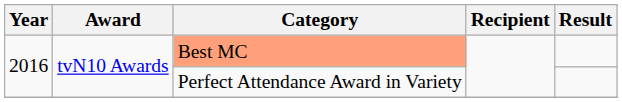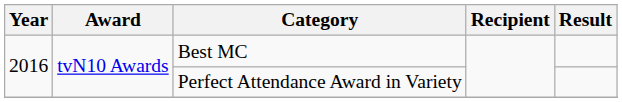 <table class=wikitable>
 <tr>
 <th>Year</th>
 <th>Award</th>
 <th>Category</th>
 <th>Recipient</th>
 <th>Result</th>
 </tr>
 <tr>
 <td rowspan=2 style="text-align:center;">2016</td>
 <td rowspan=2><a href='#'>tvN10 Awards</a></td>
-<td style="background: lightsalmon;">Best MC</td>
+<td>Best MC</td>
 <td rowspan=2></td>
 <td></td>
 </tr>
 <tr>
 <td>Perfect Attendance Award in Variety</td>
 <td></td>
 </tr>
 <tr>
 </tr>
 </table>
